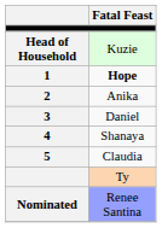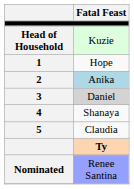 <table class="wikitable" style="text-align:center; width:15%;">
 <tr>
 <th style="width:5%"></th>
 <th width="5%;">Fatal Feast</th>
 </tr>
 <tr>
 <th colspan="2" style="background:black;"></th>
 </tr>
 <tr>
 <th>Head of<br>Household</th>
 <td style="background:#dfd">Kuzie</td>
 </tr>
 <tr>
 <th>1</th>
-<td><strong>Hope</strong></td>
+<td>Hope</td>
 </tr>
 <tr>
 <th>2</th>
-<td>Anika</td>
+<td style="background: lightblue;">Anika</td>
 </tr>
 <tr>
 <th>3</th>
-<td>Daniel</td>
+<td style="background: lightgrey;">Daniel</td>
 </tr>
 <tr>
 <th>4</th>
 <td>Shanaya</td>
 </tr>
 <tr>
 <th>5</th>
 <td>Claudia</td>
 </tr>
 <tr>
 <th></th>
-<td style="background:#FDD5B1">Ty</td>
+<td style="background:#FDD5B1"><strong>Ty</strong></td>
 </tr>
 <tr>
 <th>Nominated</th>
 <td style="background:#959ffd">Renee<br>Santina</td>
 </tr>
 <tr>
 </tr>
 </table>
